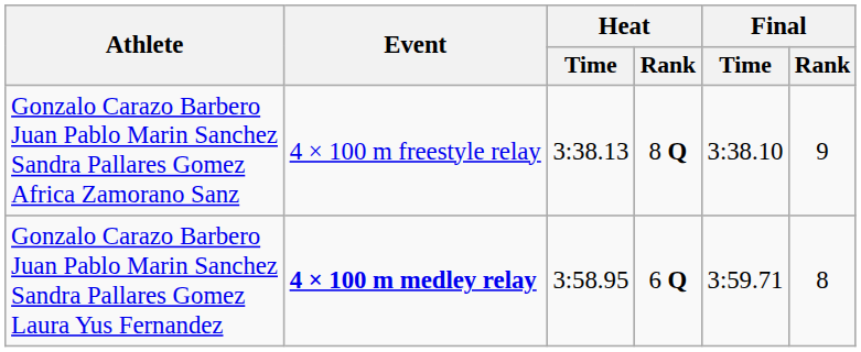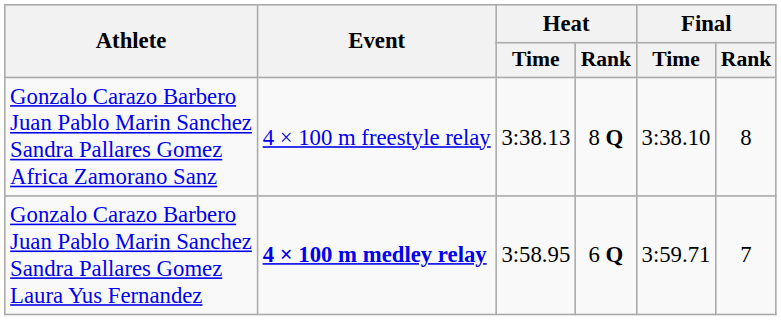 <table class=wikitable style="font-size:90%">
 <tr>
 <th rowspan=2>Athlete</th>
 <th rowspan=2>Event</th>
 <th colspan="2">Heat</th>
 <th colspan="2">Final</th>
 </tr>
 <tr style="font-size:95%">
 <th>Time</th>
 <th>Rank</th>
 <th>Time</th>
 <th>Rank</th>
 </tr>
 <tr align=center>
 <td align=left><a href='#'>Gonzalo Carazo Barbero</a><br><a href='#'>Juan Pablo Marin Sanchez</a><br><a href='#'>Sandra Pallares Gomez</a><br><a href='#'>Africa Zamorano Sanz</a></td>
 <td align=left><a href='#'>4 × 100 m freestyle relay</a></td>
 <td>3:38.13</td>
 <td>8 <strong>Q</strong></td>
 <td>3:38.10</td>
-<td>9</td>
+<td>8</td>
 </tr>
 <tr align=center>
 <td align=left><a href='#'>Gonzalo Carazo Barbero</a><br><a href='#'>Juan Pablo Marin Sanchez</a><br><a href='#'>Sandra Pallares Gomez</a><br><a href='#'>Laura Yus Fernandez</a></td>
 <td align=left><strong><a href='#'>4 × 100 m medley relay</a></strong></td>
 <td>3:58.95</td>
 <td>6 <strong>Q</strong></td>
 <td>3:59.71</td>
-<td>8</td>
+<td>7</td>
 </tr>
 </table>
